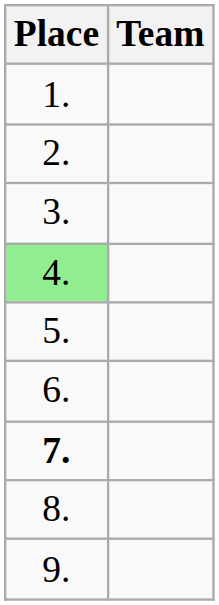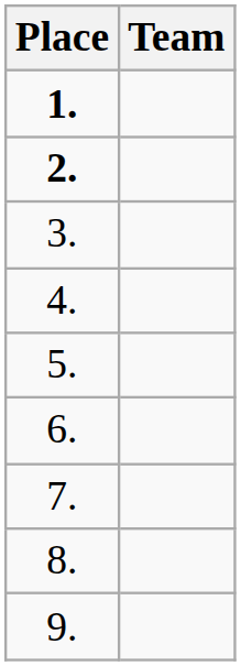 <table class="wikitable" style="text-align: center;">
 <tr>
 <th>Place</th>
 <th>Team</th>
 </tr>
 <tr>
-<td>1.</td>
+<td><strong>1.</strong></td>
 <td style="text-align:left;"></td>
 </tr>
 <tr>
-<td>2.</td>
+<td><strong>2.</strong></td>
 <td style="text-align:left;"></td>
 </tr>
 <tr>
 <td>3.</td>
 <td style="text-align:left;"></td>
 </tr>
 <tr>
-<td style="background: lightgreen;">4.</td>
+<td>4.</td>
 <td style="text-align:left;"></td>
 </tr>
 <tr>
 <td>5.</td>
 <td style="text-align:left;"></td>
 </tr>
 <tr>
 <td>6.</td>
 <td style="text-align:left;"></td>
 </tr>
 <tr>
-<td><strong>7.</strong></td>
+<td>7.</td>
 <td style="text-align:left;"></td>
 </tr>
 <tr>
 <td>8.</td>
 <td style="text-align:left;"></td>
 </tr>
 <tr>
 <td>9.</td>
 <td style="text-align:left;"></td>
 </tr>
 </table>
